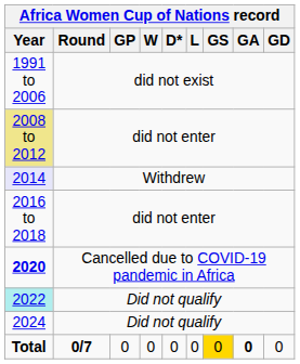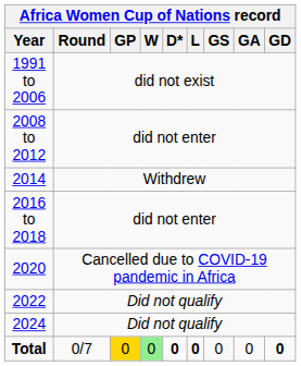 <table class="wikitable" style="text-align: center; width:50%;">
 <tr>
 <th colspan=10><a href='#'>Africa Women Cup of Nations</a> record</th>
 </tr>
 <tr>
 <th>Year</th>
 <th>Round</th>
 <th>GP</th>
 <th>W</th>
 <th>D*</th>
 <th>L</th>
 <th>GS</th>
 <th>GA</th>
 <th>GD</th>
 </tr>
 <tr>
 <td><a href='#'>1991</a> to  <a href='#'>2006</a></td>
 <td colspan=8>did not exist</td>
 </tr>
 <tr>
-<td style="background: khaki;"> <a href='#'>2008</a> to  <a href='#'>2012</a></td>
+<td> <a href='#'>2008</a> to  <a href='#'>2012</a></td>
 <td colspan=8>did not enter</td>
 </tr>
 <tr>
-<td style="background: lavender;"> <a href='#'>2014</a></td>
+<td> <a href='#'>2014</a></td>
 <td colspan=8>Withdrew</td>
 </tr>
 <tr>
 <td> <a href='#'>2016</a> to  <a href='#'>2018</a></td>
 <td colspan=8>did not enter</td>
 </tr>
 <tr>
-<td><strong><a href='#'>2020</a></strong></td>
+<td><a href='#'>2020</a></td>
 <td colspan=8>Cancelled due to <a href='#'>COVID-19 pandemic in Africa</a></td>
 </tr>
 <tr>
-<td style="background: paleturquoise;"> <a href='#'>2022</a></td>
+<td> <a href='#'>2022</a></td>
 <td colspan=8><em>Did not qualify</em></td>
 </tr>
 <tr>
 <td> <a href='#'>2024</a></td>
 <td colspan=8><em>Did not qualify</em></td>
 </tr>
 <tr>
 <td><strong>Total</strong></td>
-<td><strong>0/7</strong></td>
+<td>0/7</td>
+<td style="background: gold;">0</td>
+<td style="background: lightgreen;">0</td>
+<td><strong>0</strong></td>
+<td><strong>0</strong></td>
 <td>0</td>
 <td>0</td>
-<td>0</td>
-<td>0</td>
-<td style="background: gold;">0</td>
 <td><strong>0</strong></td>
-<td>0</td>
 </tr>
 </table>
